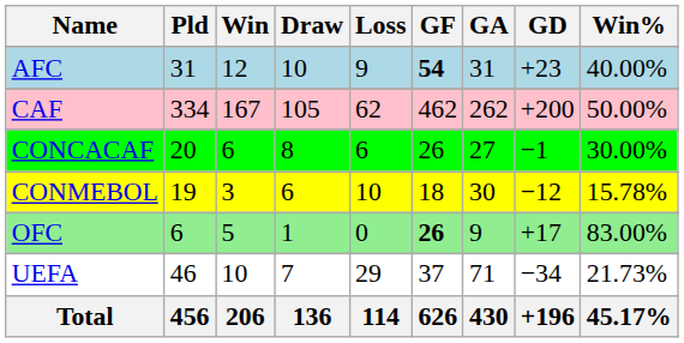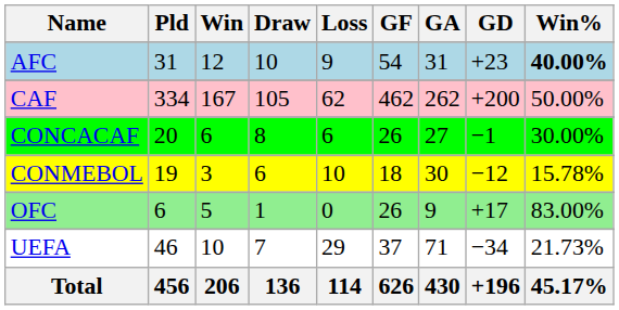 <table class="wikitable sortable; ">
 <tr>
 <th>Name</th>
 <th>Pld</th>
 <th>Win</th>
 <th>Draw</th>
 <th>Loss</th>
 <th>GF</th>
 <th>GA</th>
 <th>GD</th>
 <th>Win%</th>
 </tr>
 <tr>
 </tr>
 <tr bgcolor=Lightblue>
 <td><a href='#'>AFC</a></td>
 <td>31</td>
 <td>12</td>
 <td>10</td>
 <td>9</td>
-<td><strong>54</strong></td>
+<td>54</td>
 <td>31</td>
 <td>+23</td>
-<td>40.00%</td>
+<td><strong>40.00%</strong></td>
 </tr>
 <tr>
 </tr>
 <tr bgcolor=Pink>
 <td><a href='#'>CAF</a></td>
 <td>334</td>
 <td>167</td>
 <td>105</td>
 <td>62</td>
 <td>462</td>
 <td>262</td>
 <td>+200</td>
 <td>50.00%</td>
 </tr>
 <tr>
 </tr>
 <tr bgcolor=Lime>
 <td><a href='#'>CONCACAF</a></td>
 <td>20</td>
 <td>6</td>
 <td>8</td>
 <td>6</td>
 <td>26</td>
 <td>27</td>
 <td>−1</td>
 <td>30.00%</td>
 </tr>
 <tr>
 </tr>
 <tr bgcolor=Yellow>
 <td><a href='#'>CONMEBOL</a></td>
 <td>19</td>
 <td>3</td>
 <td>6</td>
 <td>10</td>
 <td>18</td>
 <td>30</td>
 <td>−12</td>
 <td>15.78%</td>
 </tr>
 <tr>
 </tr>
 <tr bgcolor=lightgreen>
 <td><a href='#'>OFC</a></td>
 <td>6</td>
 <td>5</td>
 <td>1</td>
 <td>0</td>
-<td><strong>26</strong></td>
+<td>26</td>
 <td>9</td>
 <td>+17</td>
 <td>83.00%</td>
 </tr>
 <tr>
 </tr>
 <tr bgcolor=White>
 <td><a href='#'>UEFA</a></td>
 <td>46</td>
 <td>10</td>
 <td>7</td>
 <td>29</td>
 <td>37</td>
 <td>71</td>
 <td>−34</td>
 <td>21.73%</td>
 </tr>
 <tr>
 <th>Total</th>
 <th>456</th>
 <th>206</th>
 <th>136</th>
 <th>114</th>
 <th>626</th>
 <th>430</th>
 <th>+196</th>
 <th>45.17%</th>
 </tr>
 </table>
